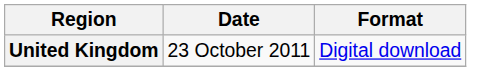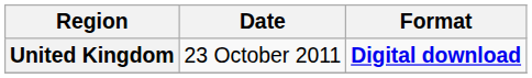 <table class="wikitable plainrowheaders">
 <tr>
 <th>Region</th>
 <th>Date</th>
 <th>Format</th>
 </tr>
 <tr>
 <th rowspan="1" scope="row">United Kingdom</th>
 <td>23 October 2011</td>
-<td><a href='#'>Digital download</a></td>
+<td><strong><a href='#'>Digital download</a></strong></td>
 </tr>
 <tr>
 </tr>
 </table>
